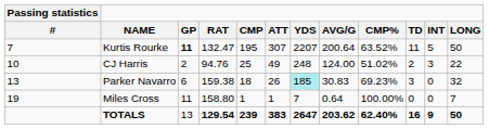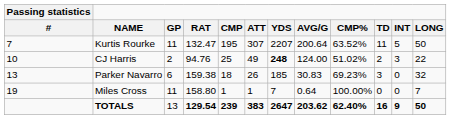 <table class="wikitable collapsible">
 <tr>
 <th style="text-align:center; ">Passing statistics</th>
 </tr>
 <tr>
 <th>#</th>
 <th>NAME</th>
 <th>GP</th>
 <th>RAT</th>
 <th>CMP</th>
 <th>ATT</th>
 <th>YDS</th>
 <th>AVG/G</th>
 <th>CMP%</th>
 <th>TD</th>
 <th>INT</th>
 <th>LONG</th>
 </tr>
 <tr>
 <td>7</td>
 <td>Kurtis Rourke</td>
-<td><strong>11</strong></td>
+<td>11</td>
 <td>132.47</td>
 <td>195</td>
 <td>307</td>
 <td>2207</td>
 <td>200.64</td>
 <td>63.52%</td>
 <td>11</td>
 <td>5</td>
 <td>50</td>
 </tr>
 <tr>
 <td>10</td>
 <td>CJ Harris</td>
 <td>2</td>
 <td>94.76</td>
 <td>25</td>
 <td>49</td>
-<td>248</td>
+<td><strong>248</strong></td>
 <td>124.00</td>
 <td>51.02%</td>
 <td>2</td>
 <td>3</td>
 <td>22</td>
 </tr>
 <tr>
 <td>13</td>
 <td>Parker Navarro</td>
 <td>6</td>
 <td>159.38</td>
 <td>18</td>
 <td>26</td>
-<td style="background: paleturquoise;">185</td>
+<td>185</td>
 <td>30.83</td>
 <td>69.23%</td>
 <td>3</td>
 <td>0</td>
 <td>32</td>
 </tr>
 <tr>
 <td>19</td>
 <td>Miles Cross</td>
 <td>11</td>
 <td>158.80</td>
 <td>1</td>
 <td>1</td>
 <td>7</td>
 <td>0.64</td>
 <td>100.00%</td>
 <td>0</td>
 <td>0</td>
 <td>7</td>
 </tr>
 <tr>
 <td></td>
 <td><strong>TOTALS</strong></td>
 <td>13</td>
 <td><strong>129.54</strong></td>
 <td><strong>239</strong></td>
 <td><strong>383</strong></td>
 <td><strong>2647</strong></td>
 <td><strong>203.62</strong></td>
 <td><strong>62.40%</strong></td>
 <td><strong>16</strong></td>
 <td><strong>9</strong></td>
 <td><strong>50</strong></td>
 </tr>
 </table>
